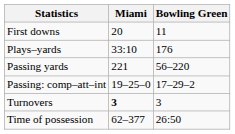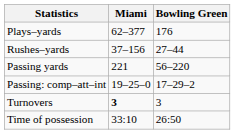 <table class="wikitable" style="float:left">
 <tr>
 <th>Statistics</th>
 <th>Miami</th>
 <th>Bowling Green</th>
 </tr>
 <tr>
-<td>First downs</td>
-<td>20</td>
-<td>11</td>
+<td>Plays–yards</td>
+<td>62–377</td>
+<td>176</td>
 </tr>
 <tr>
-<td>Plays–yards</td>
-<td>33:10</td>
-<td>176</td>
+<td>Rushes–yards</td>
+<td>37–156</td>
+<td>27–44</td>
 </tr>
 <tr>
 <td>Passing yards</td>
 <td>221</td>
 <td>56–220</td>
 </tr>
 <tr>
 <td>Passing: comp–att–int</td>
 <td>19–25–0</td>
 <td>17–29–2</td>
 </tr>
 <tr>
 <td>Turnovers</td>
 <td><strong>3</strong></td>
 <td>3</td>
 </tr>
 <tr>
 <td>Time of possession</td>
-<td>62–377</td>
+<td>33:10</td>
 <td>26:50</td>
 </tr>
 </table>
